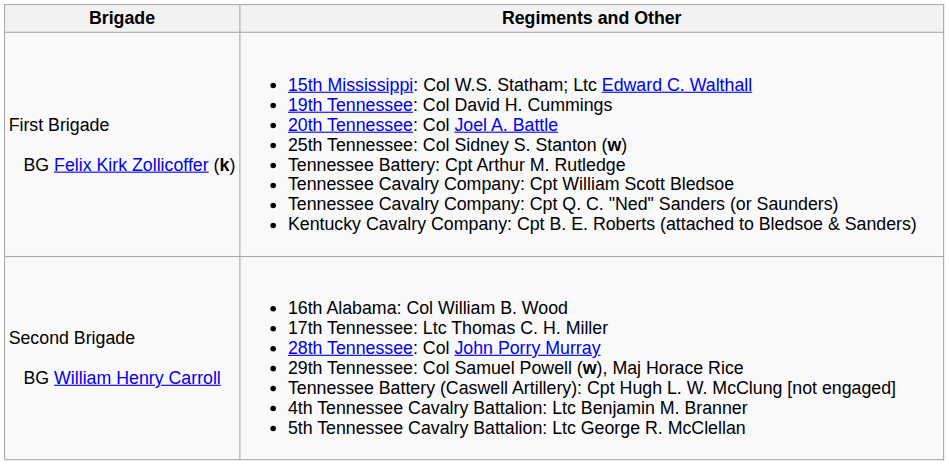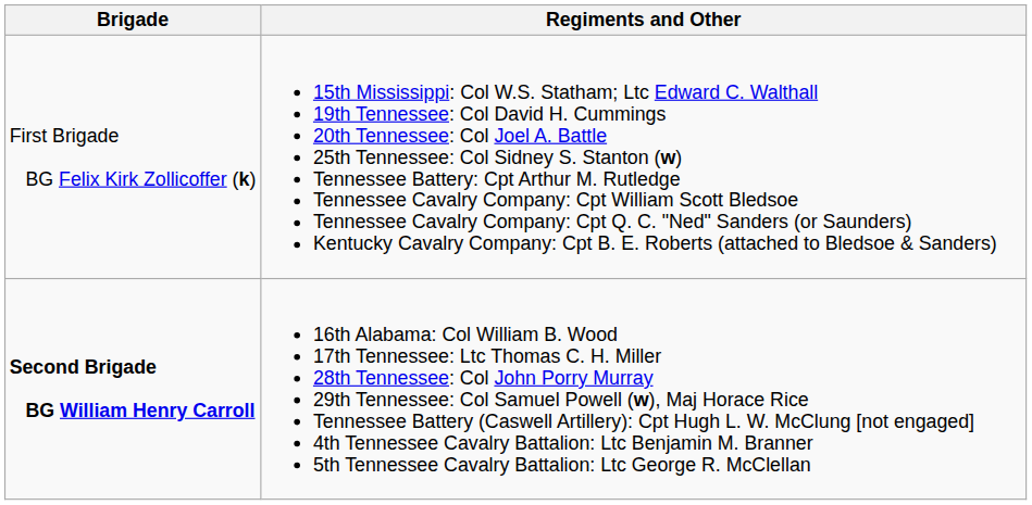 <table class="wikitable">
 <tr>
 <th width=25%>Brigade</th>
 <th>Regiments and Other</th>
 </tr>
 <tr>
 <td>First Brigade<br><br>   BG <a href='#'>Felix Kirk Zollicoffer</a> (<strong>k</strong>)</td>
 <td><br><ul><li><a href='#'>15th Mississippi</a>: Col W.S. Statham; Ltc <a href='#'>Edward C. Walthall</a></li><li><a href='#'>19th Tennessee</a>: Col David H. Cummings</li><li><a href='#'>20th Tennessee</a>: Col <a href='#'>Joel A. Battle</a></li><li>25th Tennessee: Col Sidney S. Stanton (<strong>w</strong>)</li><li>Tennessee Battery: Cpt Arthur M. Rutledge</li><li>Tennessee Cavalry Company: Cpt William Scott Bledsoe</li><li>Tennessee Cavalry Company: Cpt Q. C. "Ned" Sanders (or Saunders)</li><li>Kentucky Cavalry Company: Cpt B. E. Roberts (attached to Bledsoe & Sanders)</li></ul></td>
 </tr>
 <tr>
-<td>Second Brigade<br><br>   BG <a href='#'>William Henry Carroll</a></td>
+<td><strong>Second Brigade<br><br>   BG <a href='#'>William Henry Carroll</a></strong></td>
 <td><br><ul><li>16th Alabama: Col William B. Wood</li><li>17th Tennessee: Ltc Thomas C. H. Miller</li><li><a href='#'>28th Tennessee</a>: Col <a href='#'>John Porry Murray</a></li><li>29th Tennessee: Col Samuel Powell (<strong>w</strong>), Maj Horace Rice</li><li>Tennessee Battery (Caswell Artillery): Cpt Hugh L. W. McClung [not engaged]</li><li>4th Tennessee Cavalry Battalion: Ltc Benjamin M. Branner</li><li>5th Tennessee Cavalry Battalion: Ltc George R. McClellan</li></ul></td>
 </tr>
 </table>
